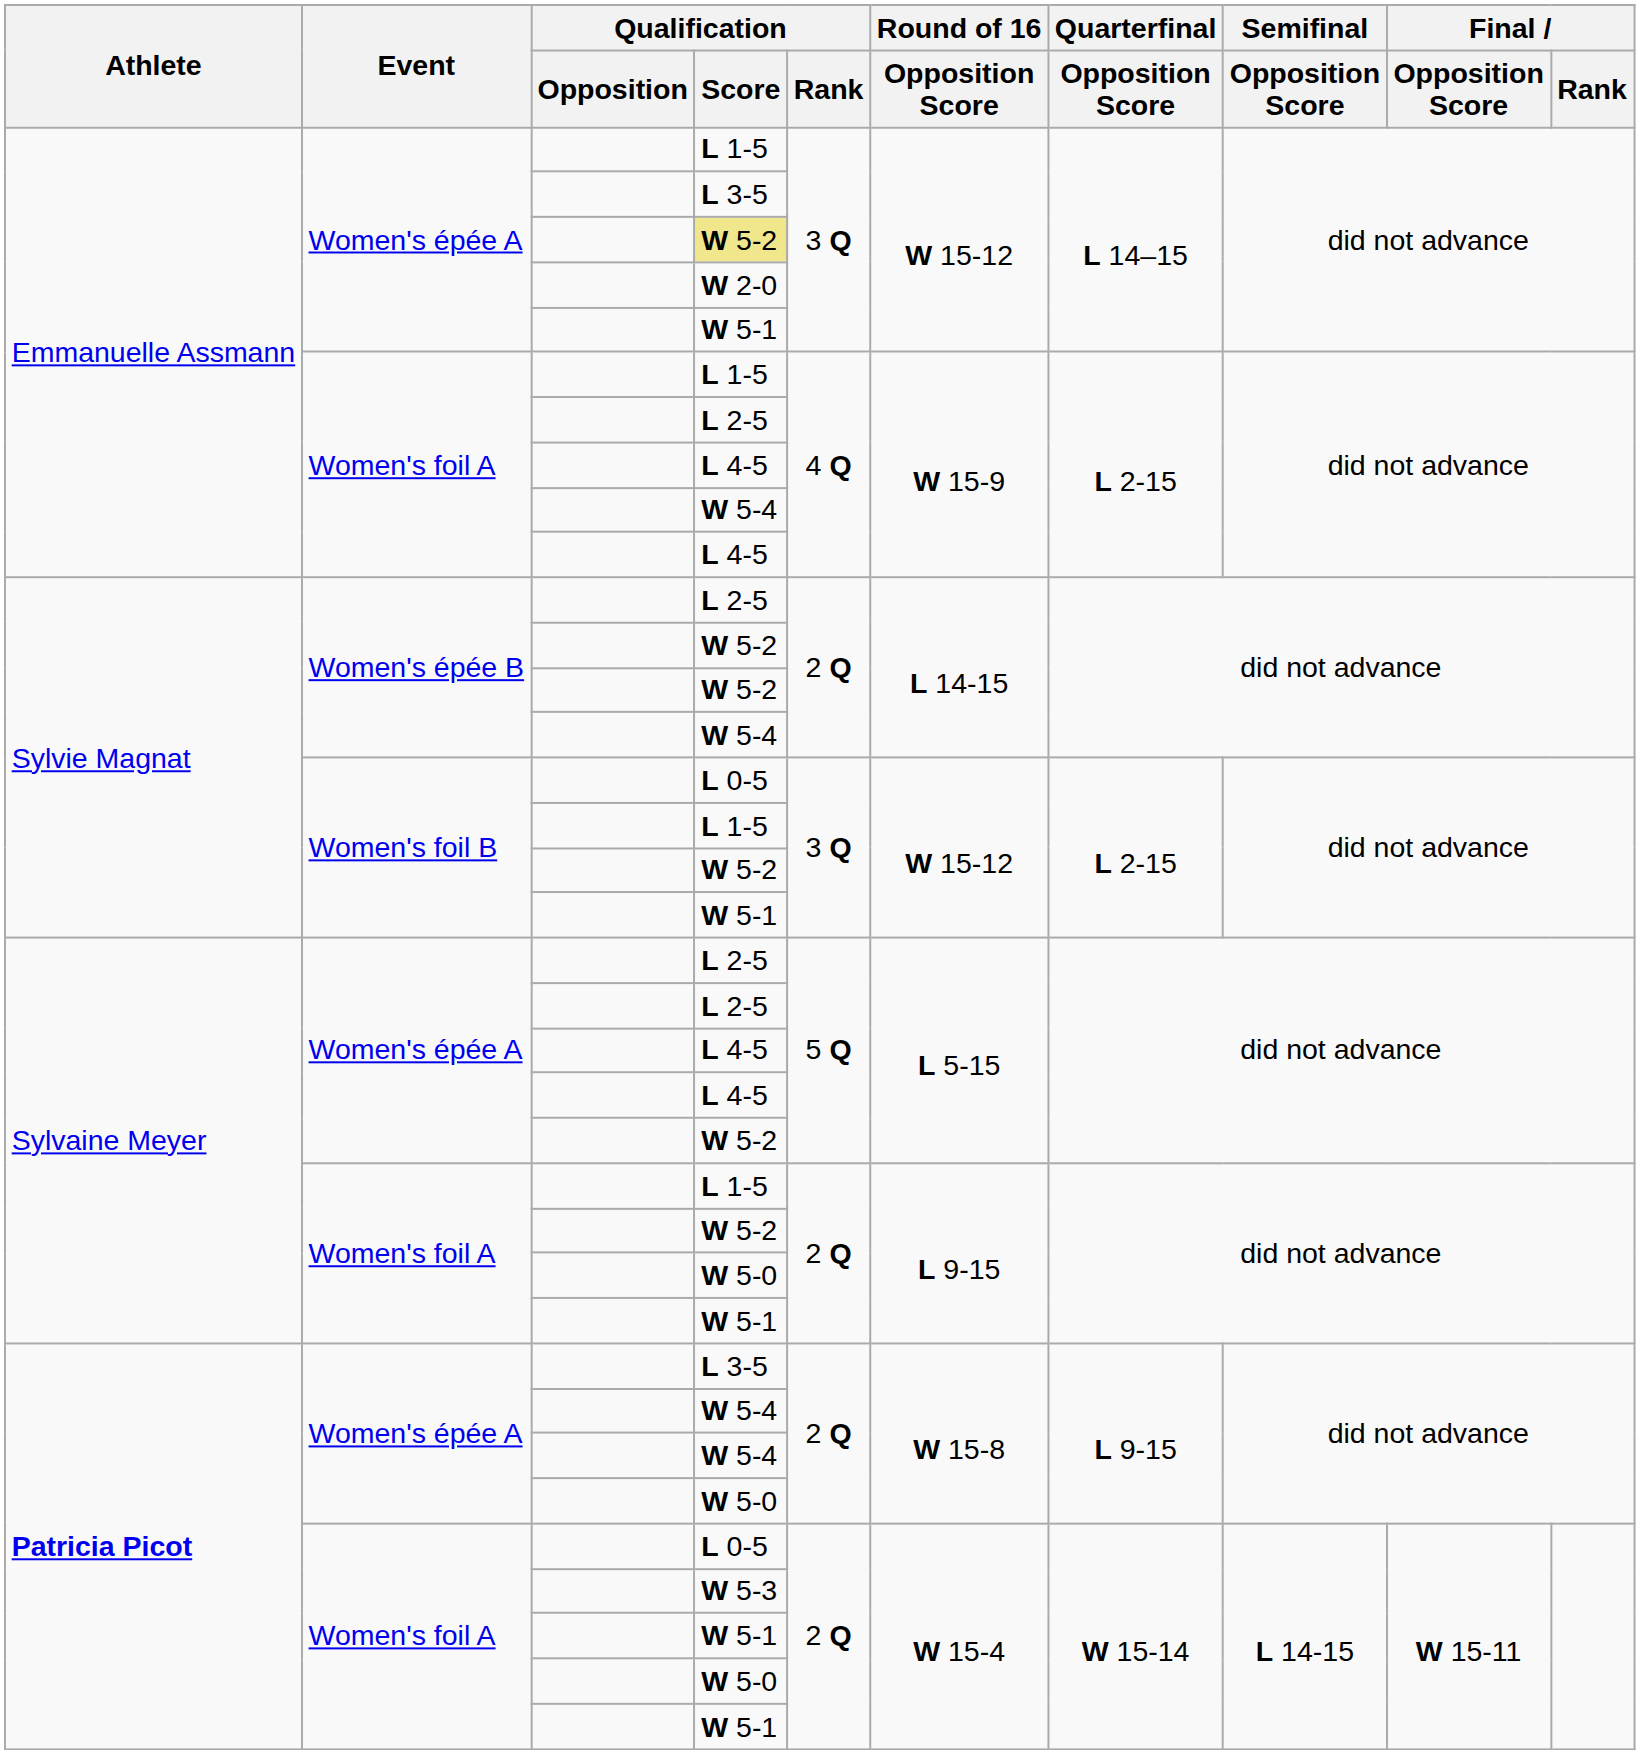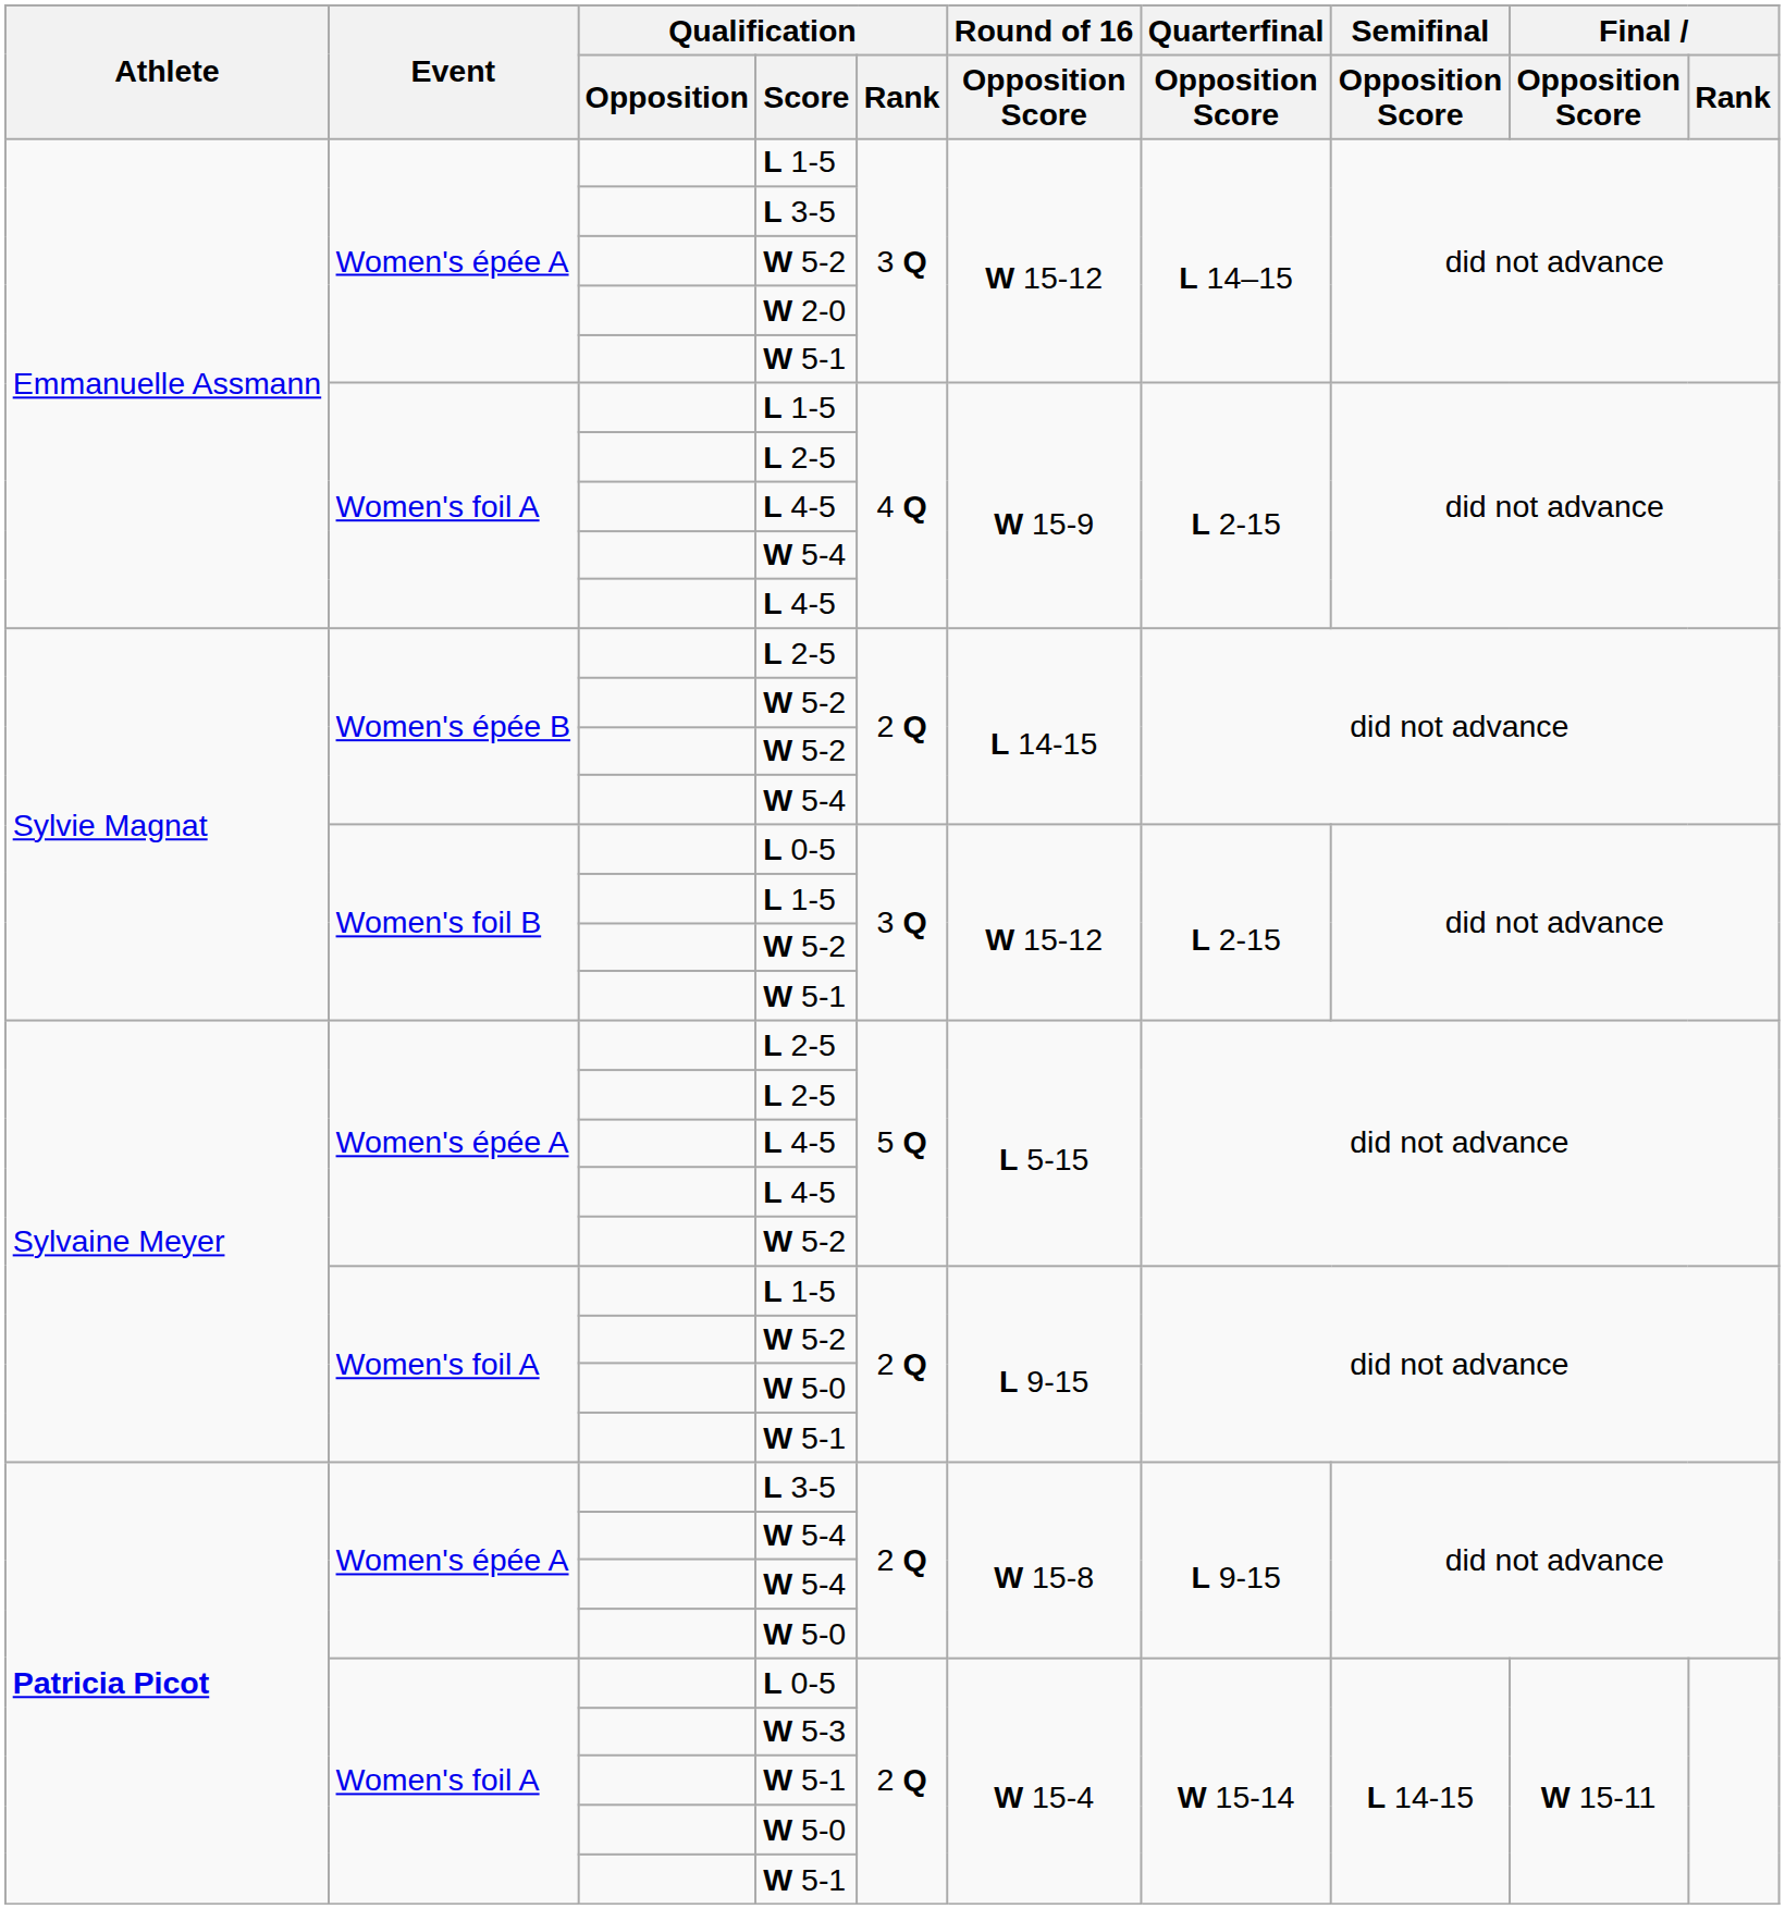 <table class=wikitable style="font-size:90%">
 <tr>
 <th rowspan="2">Athlete</th>
 <th rowspan="2">Event</th>
 <th colspan="3">Qualification</th>
 <th>Round of 16</th>
 <th>Quarterfinal</th>
 <th>Semifinal</th>
 <th colspan="2">Final / </th>
 </tr>
 <tr>
 <th>Opposition</th>
 <th>Score</th>
 <th>Rank</th>
 <th>Opposition<br>Score</th>
 <th>Opposition<br>Score</th>
 <th>Opposition<br>Score</th>
 <th>Opposition<br>Score</th>
 <th>Rank</th>
 </tr>
 <tr>
 <td rowspan=10><a href='#'>Emmanuelle Assmann</a></td>
 <td rowspan=5><a href='#'>Women's épée A</a></td>
 <td></td>
 <td><strong>L</strong> 1-5</td>
 <td align="center" rowspan=5>3 <strong>Q</strong></td>
 <td align="center" rowspan=5><br><strong>W</strong> 15-12</td>
 <td align="center" rowspan=5><br><strong>L</strong> 14–15</td>
 <td align="center" rowspan=5 colspan=3>did not advance</td>
 </tr>
 <tr>
 <td></td>
 <td><strong>L</strong> 3-5</td>
 </tr>
 <tr>
 <td></td>
-<td style="background: khaki;"><strong>W</strong> 5-2</td>
+<td><strong>W</strong> 5-2</td>
 </tr>
 <tr>
 <td></td>
 <td><strong>W</strong> 2-0</td>
 </tr>
 <tr>
 <td></td>
 <td><strong>W</strong> 5-1</td>
 </tr>
 <tr>
 <td rowspan=5><a href='#'>Women's foil A</a></td>
 <td></td>
 <td><strong>L</strong> 1-5</td>
 <td align="center" rowspan=5>4 <strong>Q</strong></td>
 <td align="center" rowspan=5><br><strong>W</strong> 15-9</td>
 <td align="center" rowspan=5><br><strong>L</strong> 2-15</td>
 <td align="center" rowspan=5 colspan=3>did not advance</td>
 </tr>
 <tr>
 <td></td>
 <td><strong>L</strong> 2-5</td>
 </tr>
 <tr>
 <td></td>
 <td><strong>L</strong> 4-5</td>
 </tr>
 <tr>
 <td></td>
 <td><strong>W</strong> 5-4</td>
 </tr>
 <tr>
 <td></td>
 <td><strong>L</strong> 4-5</td>
 </tr>
 <tr>
 <td rowspan=8><a href='#'>Sylvie Magnat</a></td>
 <td rowspan=4><a href='#'>Women's épée B</a></td>
 <td></td>
 <td><strong>L</strong> 2-5</td>
 <td align="center" rowspan=4>2 <strong>Q</strong></td>
 <td align="center" rowspan=4><br><strong>L</strong> 14-15</td>
 <td align="center" rowspan=4 colspan=4>did not advance</td>
 </tr>
 <tr>
 <td></td>
 <td><strong>W</strong> 5-2</td>
 </tr>
 <tr>
 <td></td>
 <td><strong>W</strong> 5-2</td>
 </tr>
 <tr>
 <td></td>
 <td><strong>W</strong> 5-4</td>
 </tr>
 <tr>
 <td rowspan=4><a href='#'>Women's foil B</a></td>
 <td></td>
 <td><strong>L</strong> 0-5</td>
 <td align="center" rowspan=4>3 <strong>Q</strong></td>
 <td align="center" rowspan=4><br><strong>W</strong> 15-12</td>
 <td align="center" rowspan=4><br><strong>L</strong> 2-15</td>
 <td align="center" rowspan=4 colspan=3>did not advance</td>
 </tr>
 <tr>
 <td></td>
 <td><strong>L</strong> 1-5</td>
 </tr>
 <tr>
 <td></td>
 <td><strong>W</strong> 5-2</td>
 </tr>
 <tr>
 <td></td>
 <td><strong>W</strong> 5-1</td>
 </tr>
 <tr>
 <td rowspan=9><a href='#'>Sylvaine Meyer</a></td>
 <td rowspan=5><a href='#'>Women's épée A</a></td>
 <td></td>
 <td><strong>L</strong> 2-5</td>
 <td align="center" rowspan=5>5 <strong>Q</strong></td>
 <td align="center" rowspan=5><br><strong>L</strong> 5-15</td>
 <td align="center" rowspan=5 colspan=4>did not advance</td>
 </tr>
 <tr>
 <td></td>
 <td><strong>L</strong> 2-5</td>
 </tr>
 <tr>
 <td></td>
 <td><strong>L</strong> 4-5</td>
 </tr>
 <tr>
 <td></td>
 <td><strong>L</strong> 4-5</td>
 </tr>
 <tr>
 <td></td>
 <td><strong>W</strong> 5-2</td>
 </tr>
 <tr>
 <td rowspan=4><a href='#'>Women's foil A</a></td>
 <td></td>
 <td><strong>L</strong> 1-5</td>
 <td align="center" rowspan=4>2 <strong>Q</strong></td>
 <td align="center" rowspan=4><br><strong>L</strong> 9-15</td>
 <td align="center" rowspan=4 colspan=4>did not advance</td>
 </tr>
 <tr>
 <td></td>
 <td><strong>W</strong> 5-2</td>
 </tr>
 <tr>
 <td></td>
 <td><strong>W</strong> 5-0</td>
 </tr>
 <tr>
 <td></td>
 <td><strong>W</strong> 5-1</td>
 </tr>
 <tr>
 <td rowspan=9><strong><a href='#'>Patricia Picot</a></strong></td>
 <td rowspan=4><a href='#'>Women's épée A</a></td>
 <td></td>
 <td><strong>L</strong> 3-5</td>
 <td align="center" rowspan=4>2 <strong>Q</strong></td>
 <td align="center" rowspan=4><br><strong>W</strong> 15-8</td>
 <td align="center" rowspan=4><br><strong>L</strong> 9-15</td>
 <td align="center" rowspan=4 colspan=3>did not advance</td>
 </tr>
 <tr>
 <td></td>
 <td><strong>W</strong> 5-4</td>
 </tr>
 <tr>
 <td></td>
 <td><strong>W</strong> 5-4</td>
 </tr>
 <tr>
 <td></td>
 <td><strong>W</strong> 5-0</td>
 </tr>
 <tr>
 <td rowspan=5><a href='#'>Women's foil A</a></td>
 <td></td>
 <td><strong>L</strong> 0-5</td>
 <td align="center" rowspan=5>2 <strong>Q</strong></td>
 <td align="center" rowspan=5><br><strong>W</strong> 15-4</td>
 <td align="center" rowspan=5><br><strong>W</strong> 15-14</td>
 <td align="center" rowspan=5><br><strong>L</strong> 14-15</td>
 <td align="center" rowspan=5><br><strong>W</strong> 15-11</td>
 <td align="center" rowspan=5></td>
 </tr>
 <tr>
 <td></td>
 <td><strong>W</strong> 5-3</td>
 </tr>
 <tr>
 <td></td>
 <td><strong>W</strong> 5-1</td>
 </tr>
 <tr>
 <td></td>
 <td><strong>W</strong> 5-0</td>
 </tr>
 <tr>
 <td></td>
 <td><strong>W</strong> 5-1</td>
 </tr>
 </table>
